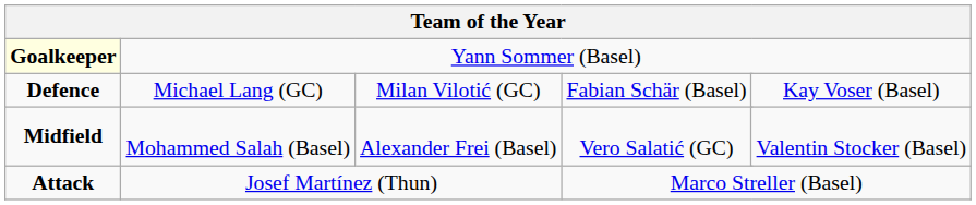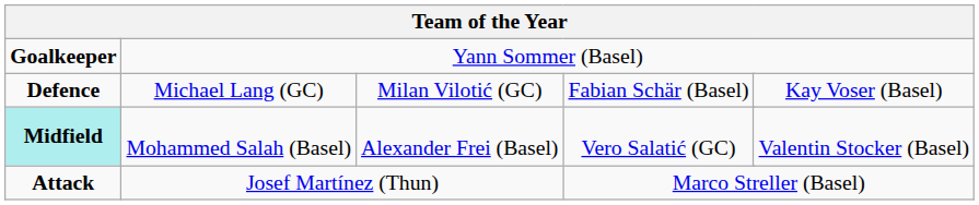 <table class="wikitable" style="text-align:center">
 <tr>
 <th colspan="13">Team of the Year</th>
 </tr>
 <tr>
-<td style="background: lightyellow;"><strong>Goalkeeper</strong></td>
+<td><strong>Goalkeeper</strong></td>
 <td colspan="12"> <a href='#'>Yann Sommer</a> (Basel)</td>
 </tr>
 <tr>
 <td><strong>Defence</strong></td>
 <td colspan="3"> <a href='#'>Michael Lang</a> (GC)</td>
 <td colspan="3"> <a href='#'>Milan Vilotić</a> (GC)</td>
 <td colspan="3"> <a href='#'>Fabian Schär</a> (Basel)</td>
 <td colspan="3"> <a href='#'>Kay Voser</a> (Basel)</td>
 </tr>
 <tr>
-<td><strong>Midfield</strong></td>
+<td style="background: paleturquoise;"><strong>Midfield</strong></td>
 <td colspan="3"><br> <a href='#'>Mohammed Salah</a> (Basel)</td>
 <td colspan="3"><br> <a href='#'>Alexander Frei</a> (Basel)</td>
 <td colspan="3"><br> <a href='#'>Vero Salatić</a> (GC)</td>
 <td colspan="3"><br> <a href='#'>Valentin Stocker</a> (Basel)</td>
 </tr>
 <tr>
 <td><strong>Attack</strong></td>
 <td colspan="6"> <a href='#'>Josef Martínez</a> (Thun)</td>
 <td colspan="6"> <a href='#'>Marco Streller</a> (Basel)</td>
 </tr>
 </table>
